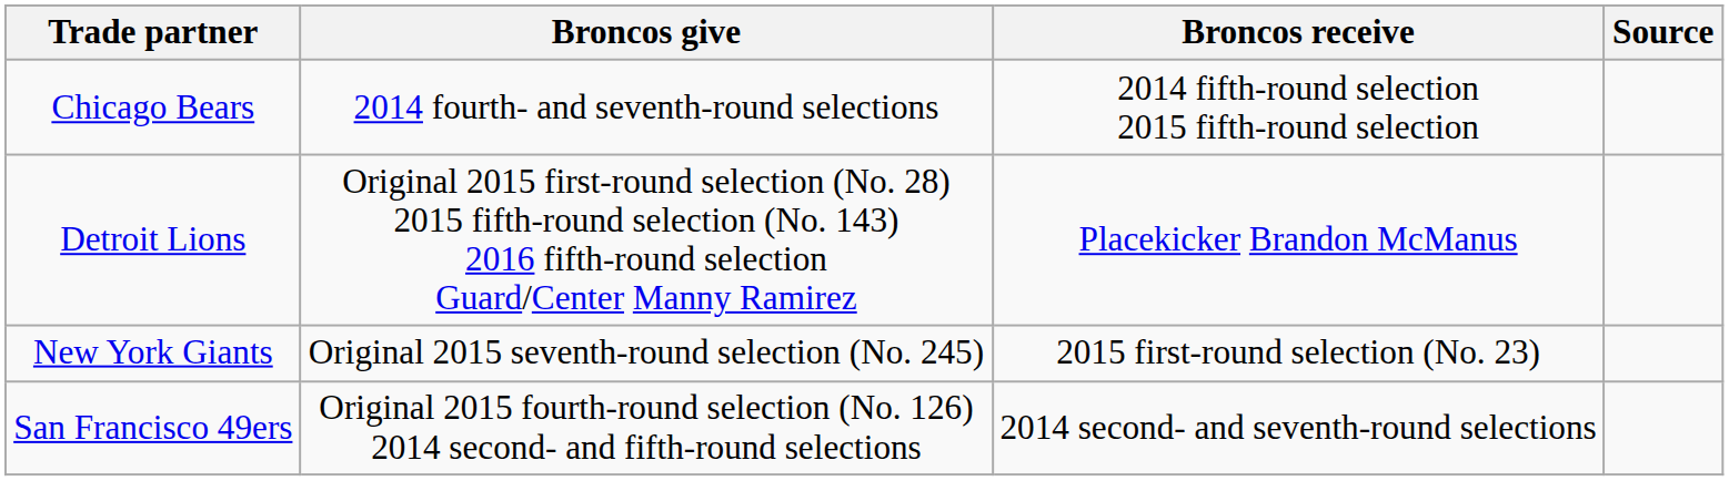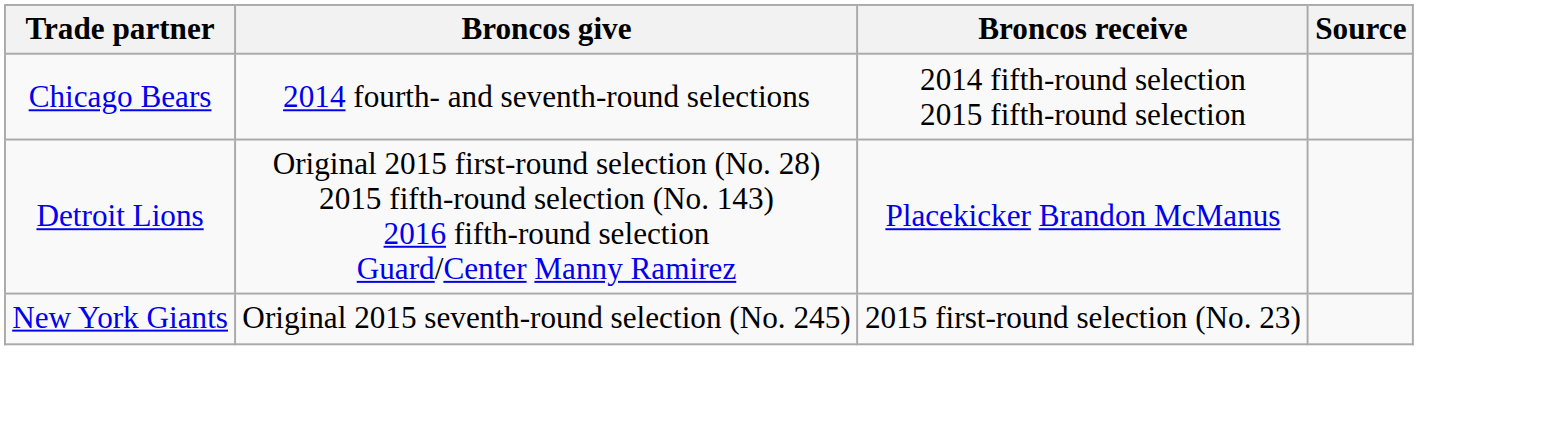 <table class="wikitable" style="text-align:center">
 <tr>
 <th>Trade partner</th>
 <th>Broncos give</th>
 <th>Broncos receive</th>
 <th>Source</th>
 </tr>
 <tr>
 <td><a href='#'>Chicago Bears</a></td>
 <td><a href='#'>2014</a> fourth- and seventh-round selections</td>
 <td>2014 fifth-round selection<br>2015 fifth-round selection </td>
 <td></td>
 </tr>
 <tr>
 <td><a href='#'>Detroit Lions</a></td>
 <td>Original 2015 first-round selection (No. 28)<br>2015 fifth-round selection (No. 143)<br><a href='#'>2016</a> fifth-round selection<br><a href='#'>Guard</a>/<a href='#'>Center</a> <a href='#'>Manny Ramirez</a></td>
 <td><a href='#'>Placekicker</a> <a href='#'>Brandon McManus</a></td>
 <td></td>
 </tr>
 <tr>
 <td><a href='#'>New York Giants</a></td>
 <td>Original 2015 seventh-round selection (No. 245)</td>
 <td>2015 first-round selection (No. 23)</td>
 <td></td>
 </tr>
-<tr>
-<td><a href='#'>San Francisco 49ers</a></td>
-<td>Original 2015 fourth-round selection (No. 126)<br>2014 second- and fifth-round selections</td>
-<td>2014 second- and seventh-round selections</td>
-<td></td>
-</tr>
 </table>
